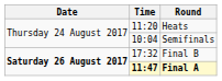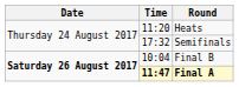 <table class="wikitable">
 <tr>
 <th>Date</th>
 <th>Time</th>
 <th>Round</th>
 </tr>
 <tr>
 <td rowspan=2>Thursday 24 August 2017</td>
 <td>11:20</td>
 <td>Heats</td>
 </tr>
 <tr>
-<td>10:04</td>
+<td>17:32</td>
 <td>Semifinals</td>
 </tr>
 <tr>
 <td rowspan=2><strong>Saturday 26 August 2017</strong></td>
-<td>17:32</td>
+<td>10:04</td>
 <td>Final B</td>
 </tr>
 <tr>
 <td style=background:lemonchiffon><strong>11:47</strong></td>
 <td style=background:lemonchiffon><strong>Final A</strong></td>
 </tr>
 </table>
